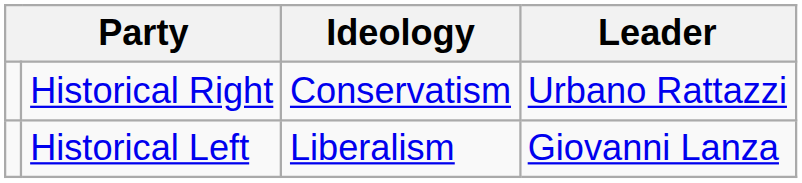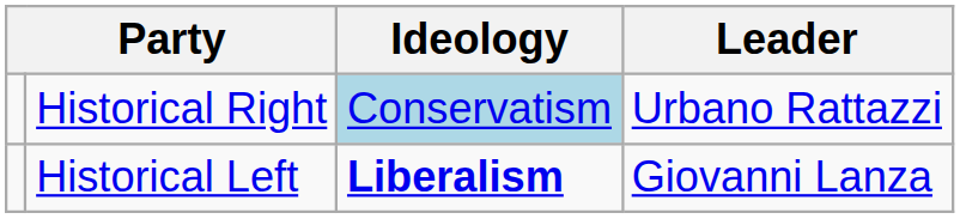 <table class=wikitable>
 <tr>
 <th colspan=2>Party</th>
 <th>Ideology</th>
 <th>Leader</th>
 </tr>
 <tr>
 <td bgcolor=></td>
 <td><a href='#'>Historical Right</a></td>
-<td><a href='#'>Conservatism</a></td>
+<td style="background: lightblue;"><a href='#'>Conservatism</a></td>
 <td><a href='#'>Urbano Rattazzi</a></td>
 </tr>
 <tr>
 <td bgcolor=></td>
 <td><a href='#'>Historical Left</a></td>
-<td><a href='#'>Liberalism</a></td>
+<td><strong><a href='#'>Liberalism</a></strong></td>
 <td><a href='#'>Giovanni Lanza</a></td>
 </tr>
 </table>
